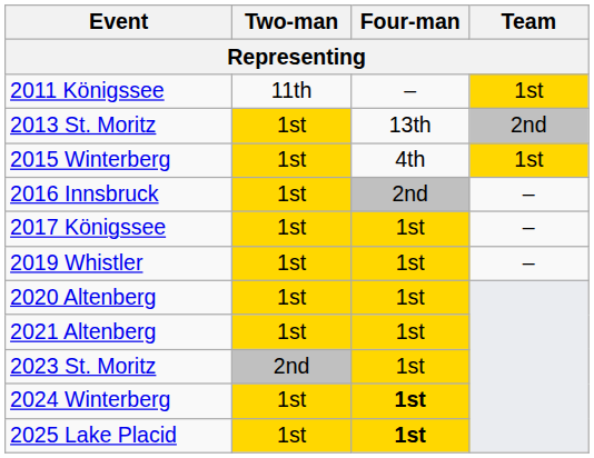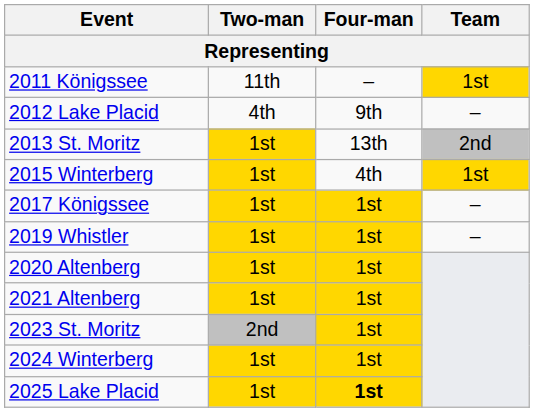 <table class="wikitable" style="text-align:center">
 <tr>
 <th style="width:160px">Event</th>
 <th style="width:80px">Two-man</th>
 <th style="width:80px">Four-man</th>
 <th style="width:80px">Team</th>
 </tr>
 <tr>
 <th colspan=4>Representing </th>
 </tr>
 <tr>
 <td style="text-align:left"> <a href='#'>2011 Königssee</a></td>
 <td>11th</td>
 <td>–</td>
 <td style="background:gold">1st</td>
 </tr>
 <tr>
+<td style="text-align:left"> <a href='#'>2012 Lake Placid</a></td>
+<td>4th</td>
+<td>9th</td>
+<td>–</td>
+</tr>
+<tr>
 <td style="text-align:left"> <a href='#'>2013 St. Moritz</a></td>
 <td style="background:gold">1st</td>
 <td>13th</td>
 <td style="background:silver">2nd</td>
 </tr>
 <tr>
 <td style="text-align:left"> <a href='#'>2015 Winterberg</a></td>
 <td style="background:gold">1st</td>
 <td>4th</td>
 <td style="background:gold">1st</td>
-</tr>
-<tr>
-<td style="text-align:left"> <a href='#'>2016 Innsbruck</a></td>
-<td style="background:gold">1st</td>
-<td style="background:silver">2nd</td>
-<td>–</td>
 </tr>
 <tr>
 <td style="text-align:left"> <a href='#'>2017 Königssee</a></td>
 <td style="background:gold">1st</td>
 <td style="background:gold">1st</td>
 <td>–</td>
 </tr>
 <tr>
 <td style="text-align:left"> <a href='#'>2019 Whistler</a></td>
 <td style="background:gold">1st</td>
 <td style="background:gold">1st</td>
 <td>–</td>
 </tr>
 <tr>
 <td style="text-align:left"> <a href='#'>2020 Altenberg</a></td>
 <td style="background:gold">1st</td>
 <td style="background:gold">1st</td>
 <td rowspan=5 style="background:#EAECF0"></td>
 </tr>
 <tr>
 <td style="text-align:left"> <a href='#'>2021 Altenberg</a></td>
 <td style="background:gold">1st</td>
 <td style="background:gold">1st</td>
 </tr>
 <tr>
 <td style="text-align:left"> <a href='#'>2023 St. Moritz</a></td>
 <td style="background:silver">2nd</td>
 <td style="background:gold">1st</td>
 </tr>
 <tr>
 <td style="text-align:left"> <a href='#'>2024 Winterberg</a></td>
 <td style="background:gold">1st</td>
-<td style="background:gold"><strong>1st</strong></td>
+<td style="background:gold">1st</td>
 </tr>
 <tr>
 <td style="text-align:left"> <a href='#'>2025 Lake Placid</a></td>
 <td style="background:gold">1st</td>
 <td style="background:gold"><strong>1st</strong></td>
 </tr>
 </table>
